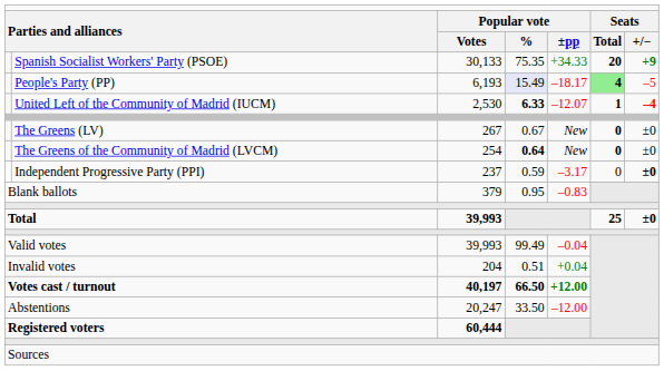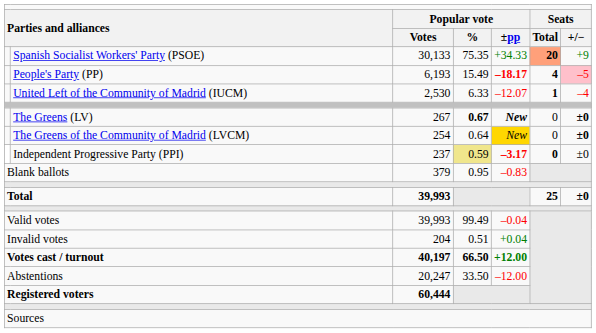 <table class="wikitable" style="text-align:right;">
 <tr>
 <td colspan="7"></td>
 </tr>
 <tr>
 <th style="text-align:left;" rowspan="2" colspan="2" width="525">Parties and alliances</th>
 <th colspan="3">Popular vote</th>
 <th colspan="2">Seats</th>
 </tr>
 <tr>
 <th width="75">Votes</th>
 <th width="45">%</th>
 <th width="45">±<a href='#'>pp</a></th>
 <th width="35">Total</th>
 <th width="35">+/−</th>
 </tr>
 <tr>
 <td width="1" style="color:inherit;background:"></td>
 <td align="left"><a href='#'>Spanish Socialist Workers' Party</a> (PSOE)</td>
 <td>30,133</td>
 <td>75.35</td>
 <td style="color:green;">+34.33</td>
-<td><strong>20</strong></td>
-<td style="color:green;"><strong>+9</strong></td>
+<td style="background: lightsalmon;"><strong>20</strong></td>
+<td style="color:green;">+9</td>
 </tr>
 <tr>
 <td style="color:inherit;background:"></td>
 <td align="left"><a href='#'>People's Party</a> (PP)</td>
 <td>6,193</td>
-<td style="background: lavender;">15.49</td>
-<td style="color:red;">–18.17</td>
-<td style="background: lightgreen;"><strong>4</strong></td>
-<td style="color:red;">–5</td>
+<td>15.49</td>
+<td style="color:red;"><strong>–18.17</strong></td>
+<td><strong>4</strong></td>
+<td style="background: pink; color:red;">–5</td>
 </tr>
 <tr>
 <td style="color:inherit;background:"></td>
 <td align="left"><a href='#'>United Left of the Community of Madrid</a> (IUCM)</td>
 <td>2,530</td>
-<td><strong>6.33</strong></td>
+<td>6.33</td>
 <td style="color:red;">–12.07</td>
 <td><strong>1</strong></td>
-<td style="color:red;"><strong>–4</strong></td>
+<td style="color:red;">–4</td>
 </tr>
 <tr>
 <td colspan="7" bgcolor="#C0C0C0"></td>
 </tr>
 <tr>
 <td style="color:inherit;background:"></td>
 <td align="left"><a href='#'>The Greens</a> (LV)</td>
 <td>267</td>
-<td>0.67</td>
-<td><em>New</em></td>
-<td><strong>0</strong></td>
-<td>±0</td>
+<td><strong>0.67</strong></td>
+<td><strong><em>New</em></strong></td>
+<td>0</td>
+<td><strong>±0</strong></td>
 </tr>
 <tr>
 <td style="color:inherit;background:"></td>
 <td align="left"><a href='#'>The Greens of the Community of Madrid</a> (LVCM)</td>
 <td>254</td>
-<td><strong>0.64</strong></td>
-<td><em>New</em></td>
-<td><strong>0</strong></td>
-<td>±0</td>
+<td>0.64</td>
+<td style="background: gold;"><em>New</em></td>
+<td>0</td>
+<td><strong>±0</strong></td>
 </tr>
 <tr>
 <td bgcolor="white"></td>
 <td align="left">Independent Progressive Party (PPI)</td>
 <td>237</td>
-<td>0.59</td>
-<td style="color:red;">–3.17</td>
-<td>0</td>
-<td><strong>±0</strong></td>
+<td style="background: khaki;">0.59</td>
+<td style="color:red;"><strong>–3.17</strong></td>
+<td><strong>0</strong></td>
+<td>±0</td>
 </tr>
 <tr>
 <td align="left" colspan="2">Blank ballots</td>
 <td>379</td>
 <td>0.95</td>
 <td style="color:red;">–0.83</td>
 <td bgcolor="#E9E9E9" colspan="2"></td>
 </tr>
 <tr>
 <td colspan="7" bgcolor="#E9E9E9"></td>
 </tr>
 <tr style="font-weight:bold;">
 <td align="left" colspan="2">Total</td>
 <td>39,993</td>
 <td bgcolor="#E9E9E9" colspan="2"></td>
 <td>25</td>
 <td>±0</td>
 </tr>
 <tr>
 <td colspan="7" bgcolor="#E9E9E9"></td>
 </tr>
 <tr>
 <td align="left" colspan="2">Valid votes</td>
 <td>39,993</td>
 <td>99.49</td>
 <td style="color:red;">–0.04</td>
 <td bgcolor="#E9E9E9" colspan="2" rowspan="5"></td>
 </tr>
 <tr>
 <td align="left" colspan="2">Invalid votes</td>
 <td>204</td>
 <td>0.51</td>
 <td style="color:green;">+0.04</td>
 </tr>
 <tr style="font-weight:bold;">
 <td align="left" colspan="2">Votes cast / turnout</td>
 <td>40,197</td>
 <td>66.50</td>
 <td style="color:green;">+12.00</td>
 </tr>
 <tr>
 <td align="left" colspan="2">Abstentions</td>
 <td>20,247</td>
 <td>33.50</td>
 <td style="color:red;">–12.00</td>
 </tr>
 <tr style="font-weight:bold;">
 <td align="left" colspan="2">Registered voters</td>
 <td>60,444</td>
 <td bgcolor="#E9E9E9" colspan="2"></td>
 </tr>
 <tr>
 <td colspan="7" bgcolor="#E9E9E9"></td>
 </tr>
 <tr>
 <td align="left" colspan="7">Sources</td>
 </tr>
 </table>
